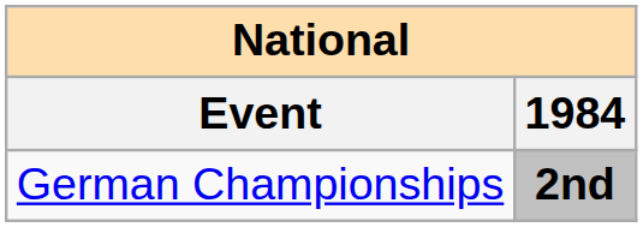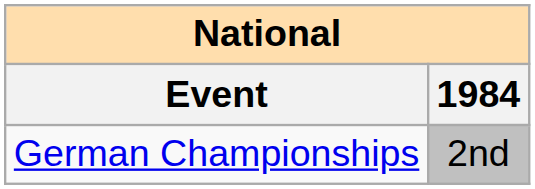 <table class="wikitable" style="text-align:center">
 <tr>
 <th style="background-color: #ffdead; " colspan=2 align=center>National</th>
 </tr>
 <tr>
 <th>Event</th>
 <th>1984</th>
 </tr>
 <tr>
 <td align=left><a href='#'>German Championships</a></td>
-<td bgcolor=silver><strong>2nd</strong></td>
+<td bgcolor=silver>2nd</td>
 </tr>
 </table>
